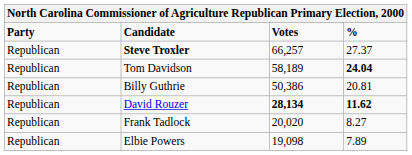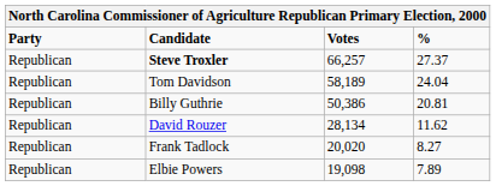 <table class="wikitable">
 <tr>
 <th colspan="4">North Carolina Commissioner of Agriculture Republican Primary Election, 2000</th>
 </tr>
 <tr>
 <td><strong>Party</strong></td>
 <td><strong>Candidate</strong></td>
 <td><strong>Votes</strong></td>
 <td><strong>%</strong></td>
 </tr>
 <tr>
 <td>Republican</td>
 <td><strong>Steve Troxler</strong></td>
 <td>66,257</td>
 <td>27.37</td>
 </tr>
 <tr>
 <td>Republican</td>
 <td>Tom Davidson</td>
 <td>58,189</td>
-<td><strong>24.04</strong></td>
+<td>24.04</td>
 </tr>
 <tr>
 <td>Republican</td>
 <td>Billy Guthrie</td>
 <td>50,386</td>
 <td>20.81</td>
 </tr>
 <tr>
 <td>Republican</td>
 <td><a href='#'>David Rouzer</a></td>
-<td><strong>28,134</strong></td>
-<td><strong>11.62</strong></td>
+<td>28,134</td>
+<td>11.62</td>
 </tr>
 <tr>
 <td>Republican</td>
 <td>Frank Tadlock</td>
 <td>20,020</td>
 <td>8.27</td>
 </tr>
 <tr>
 <td>Republican</td>
 <td>Elbie Powers</td>
 <td>19,098</td>
 <td>7.89</td>
 </tr>
 </table>
